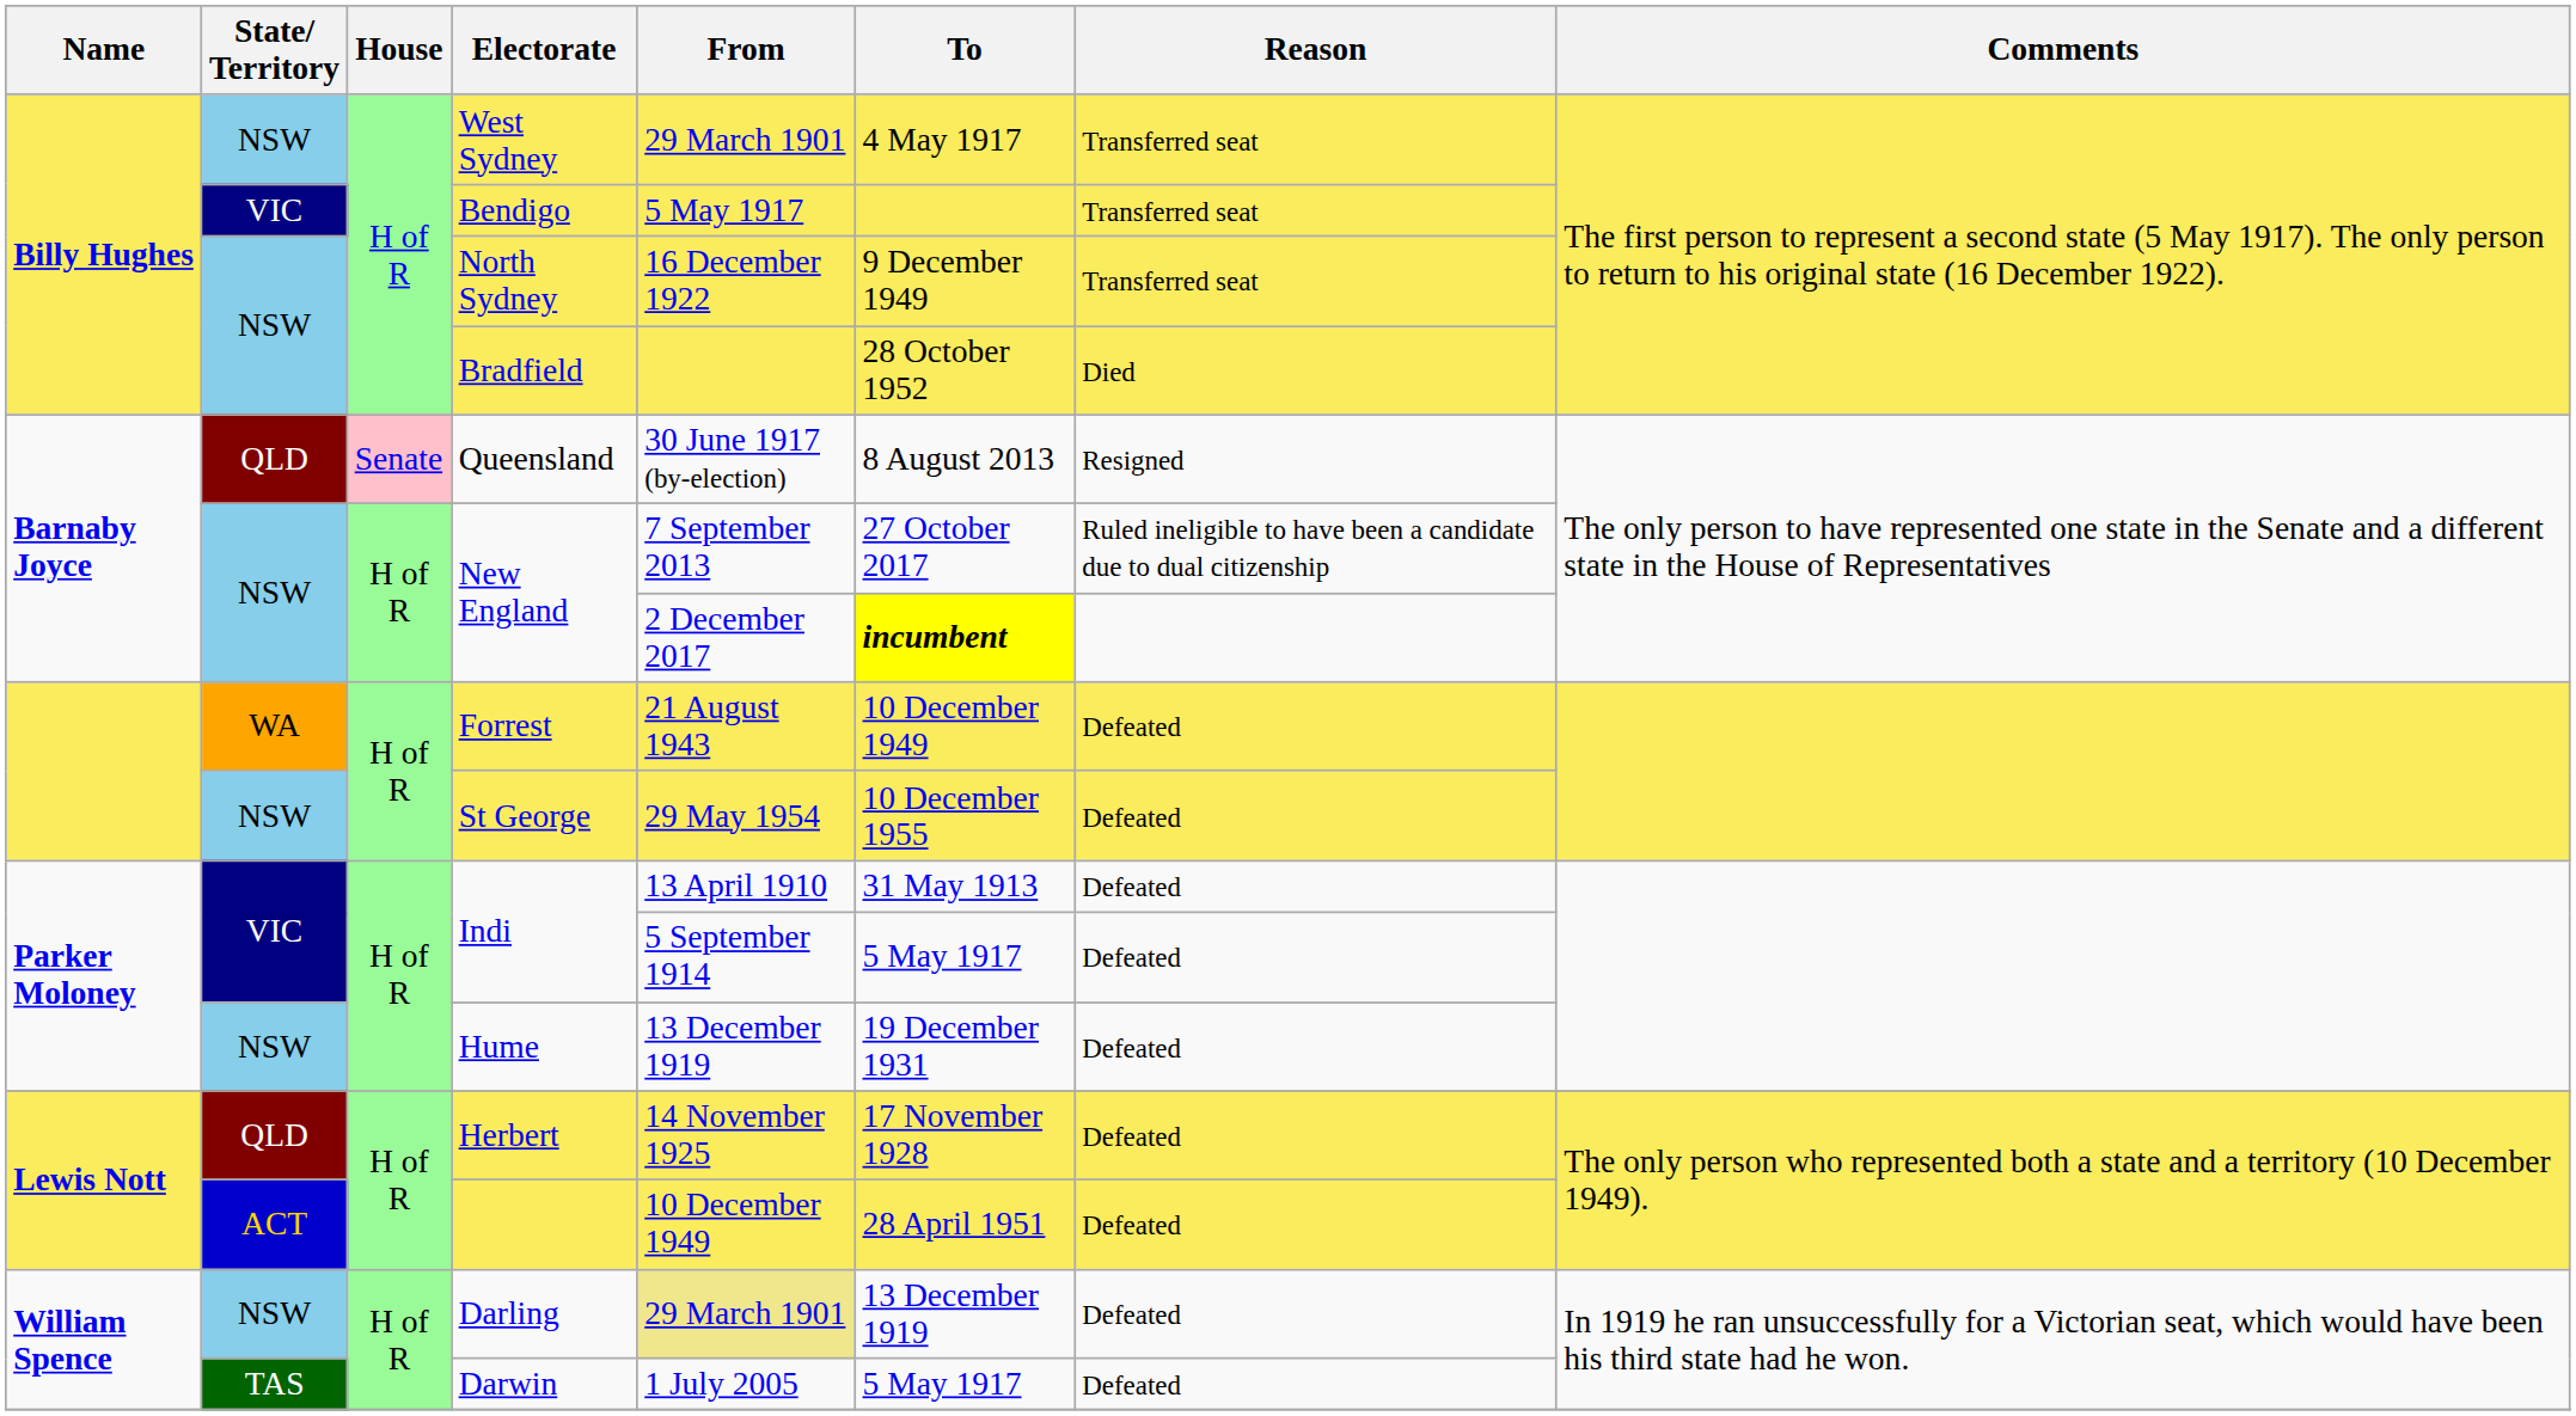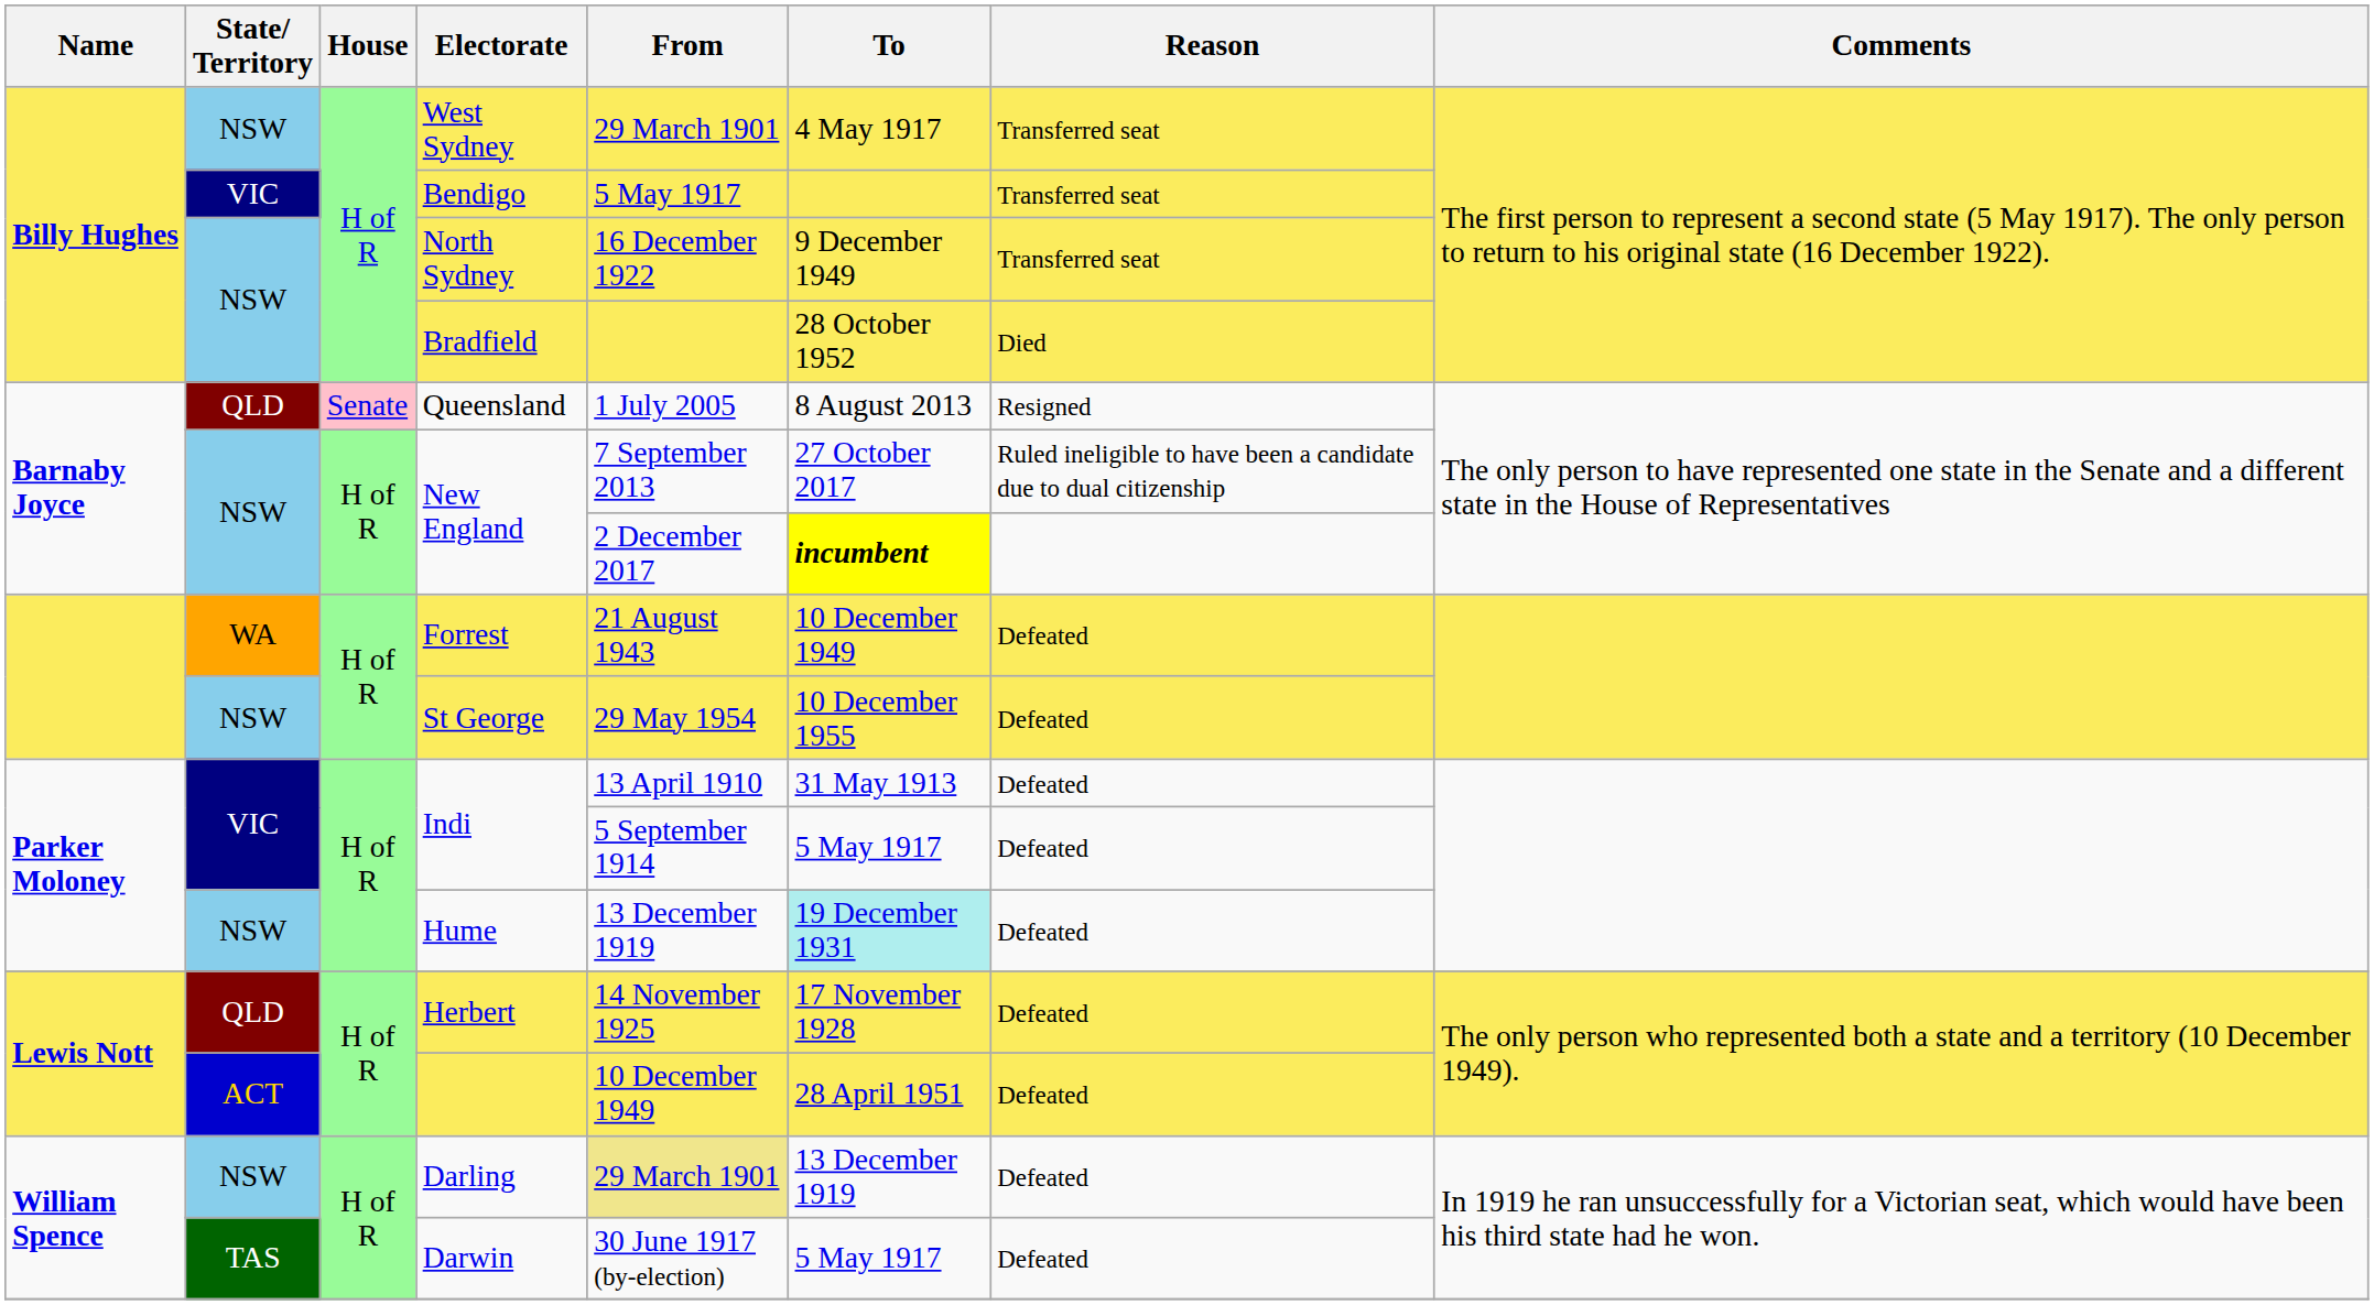 <table class=wikitable>
 <tr>
 <th>Name</th>
 <th>State/<br>Territory</th>
 <th>House</th>
 <th>Electorate</th>
 <th>From</th>
 <th>To</th>
 <th>Reason</th>
 <th>Comments</th>
 </tr>
 <tr>
 <td rowspan="4" style="background:#FBEC5D"><strong><a href='#'>Billy Hughes</a></strong></td>
 <td style="background:skyblue; text-align:center">NSW</td>
 <td rowspan="4" style="background:palegreen" align="center"><a href='#'>H of R</a></td>
 <td style="background:#FBEC5D"><a href='#'>West Sydney</a></td>
 <td style="background:#FBEC5D"><a href='#'>29 March 1901</a></td>
 <td style="background:#FBEC5D">4 May 1917</td>
 <td style="background:#FBEC5D"><small>Transferred seat</small></td>
 <td rowspan="4" style="background:#FBEC5D">The first person to represent a second state (5 May 1917). The only person to return to his original state (16 December 1922).</td>
 </tr>
 <tr>
 <td style="background:navy; color:white; text-align:center">VIC</td>
 <td style="background:#FBEC5D"><a href='#'>Bendigo</a></td>
 <td style="background:#FBEC5D"><a href='#'>5 May 1917</a></td>
 <td style="background:#FBEC5D"></td>
 <td style="background:#FBEC5D"><small>Transferred seat</small></td>
 </tr>
 <tr>
 <td rowspan="2" style="background:skyblue; text-align:center">NSW</td>
 <td style="background:#FBEC5D"><a href='#'>North Sydney</a></td>
 <td style="background:#FBEC5D"><a href='#'>16 December 1922</a></td>
 <td style="background:#FBEC5D">9 December 1949</td>
 <td style="background:#FBEC5D"><small>Transferred seat</small></td>
 </tr>
 <tr>
 <td style="background:#FBEC5D"><a href='#'>Bradfield</a></td>
 <td style="background:#FBEC5D"><a href='#'></a></td>
 <td style="background:#FBEC5D">28 October 1952</td>
 <td style="background:#FBEC5D"><small>Died</small></td>
 </tr>
 <tr>
 <td rowspan="3"><strong><a href='#'>Barnaby Joyce</a></strong></td>
 <td style="background:maroon; color:white; text-align:center">QLD</td>
 <td style="background:pink"><a href='#'>Senate</a></td>
 <td>Queensland</td>
-<td><a href='#'>30 June 1917</a><br><small>(by-election)</small></td>
+<td><a href='#'>1 July 2005</a></td>
 <td>8 August 2013</td>
 <td><small>Resigned</small></td>
 <td rowspan="3">The only person to have represented one state in the Senate and a different state in the House of Representatives</td>
 </tr>
 <tr>
 <td rowspan="2" style="background:skyblue; text-align:center">NSW</td>
 <td rowspan="2" style="background:palegreen" align="center">H of R</td>
 <td rowspan="2"><a href='#'>New England</a></td>
 <td><a href='#'>7 September 2013</a></td>
 <td><a href='#'>27 October 2017</a></td>
 <td><small>Ruled ineligible to have been a candidate due to dual citizenship</small></td>
 </tr>
 <tr>
 <td><a href='#'>2 December 2017</a></td>
 <td style="background:yellow"><strong><em>incumbent</em></strong></td>
 <td></td>
 </tr>
 <tr>
 <td rowspan="2" style="background:#FBEC5D"></td>
 <td style="background:orange; text-align:center">WA</td>
 <td rowspan="2" style="background:palegreen" align="center">H of R</td>
 <td style="background:#FBEC5D"><a href='#'>Forrest</a></td>
 <td style="background:#FBEC5D"><a href='#'>21 August 1943</a></td>
 <td style="background:#FBEC5D"><a href='#'>10 December 1949</a></td>
 <td style="background:#FBEC5D"><small>Defeated</small></td>
 <td rowspan="2" style="background:#FBEC5D"></td>
 </tr>
 <tr>
 <td style="background:skyblue; text-align:center">NSW</td>
 <td style="background:#FBEC5D"><a href='#'>St George</a></td>
 <td style="background:#FBEC5D"><a href='#'>29 May 1954</a></td>
 <td style="background:#FBEC5D"><a href='#'>10 December 1955</a></td>
 <td style="background:#FBEC5D"><small>Defeated</small></td>
 </tr>
 <tr>
 <td rowspan="3"><strong><a href='#'>Parker Moloney</a></strong></td>
 <td rowspan="2" style="background:navy; color:white; text-align:center">VIC</td>
 <td rowspan="3" style="background:palegreen" align="center">H of R</td>
 <td rowspan="2"><a href='#'>Indi</a></td>
 <td><a href='#'>13 April 1910</a></td>
 <td><a href='#'>31 May 1913</a></td>
 <td><small>Defeated</small></td>
 <td rowspan="3"></td>
 </tr>
 <tr>
 <td><a href='#'>5 September 1914</a></td>
 <td><a href='#'>5 May 1917</a></td>
 <td><small>Defeated</small></td>
 </tr>
 <tr>
 <td style="background:skyblue; text-align:center">NSW</td>
 <td><a href='#'>Hume</a></td>
 <td><a href='#'>13 December 1919</a></td>
-<td><a href='#'>19 December 1931</a></td>
+<td style="background: paleturquoise;"><a href='#'>19 December 1931</a></td>
 <td><small>Defeated</small></td>
 </tr>
 <tr>
 <td rowspan="2" style="background:#FBEC5D"><strong><a href='#'>Lewis Nott</a></strong></td>
 <td style="background:maroon; color:white; text-align:center">QLD</td>
 <td rowspan="2" style="background:palegreen" align="center">H of R</td>
 <td style="background:#FBEC5D"><a href='#'>Herbert</a></td>
 <td style="background:#FBEC5D"><a href='#'>14 November 1925</a></td>
 <td style="background:#FBEC5D"><a href='#'>17 November 1928</a></td>
 <td style="background:#FBEC5D"><small>Defeated</small></td>
 <td rowspan="2" style="background:#FBEC5D">The only person who represented both a state and a territory (10 December 1949).</td>
 </tr>
 <tr>
 <td style="background:mediumblue; color:gold; text-align:center">ACT</td>
 <td style="background:#FBEC5D"></td>
 <td style="background:#FBEC5D"><a href='#'>10 December 1949</a></td>
 <td style="background:#FBEC5D"><a href='#'>28 April 1951</a></td>
 <td style="background:#FBEC5D"><small>Defeated</small></td>
 </tr>
 <tr>
 <td rowspan="2"><strong><a href='#'>William Spence</a></strong></td>
 <td style="background:skyblue; text-align:center">NSW</td>
 <td rowspan="2" style="background:palegreen" align="center">H of R</td>
 <td><a href='#'>Darling</a></td>
 <td style="background: khaki;"><a href='#'>29 March 1901</a></td>
 <td><a href='#'>13 December 1919</a></td>
 <td><small>Defeated</small></td>
 <td rowspan="2">In 1919 he ran unsuccessfully for a Victorian seat, which would have been his third state had he won.</td>
 </tr>
 <tr>
 <td style="background:darkgreen; color:white; text-align:center">TAS</td>
 <td><a href='#'>Darwin</a></td>
-<td><a href='#'>1 July 2005</a></td>
+<td><a href='#'>30 June 1917</a><br><small>(by-election)</small></td>
 <td><a href='#'>5 May 1917</a></td>
 <td><small>Defeated</small></td>
 </tr>
 <tr>
 </tr>
 </table>
